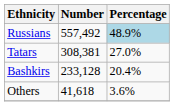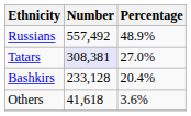 <table class="wikitable">
 <tr>
 <th>Ethnicity</th>
 <th>Number</th>
 <th>Percentage</th>
 </tr>
 <tr>
 <td><a href='#'>Russians</a></td>
 <td>557,492</td>
-<td style="background: lightblue;">48.9%</td>
+<td>48.9%</td>
 </tr>
 <tr>
 <td><a href='#'>Tatars</a></td>
-<td>308,381</td>
+<td style="background: lavender;">308,381</td>
 <td>27.0%</td>
 </tr>
 <tr>
 <td><a href='#'>Bashkirs</a></td>
 <td>233,128</td>
 <td>20.4%</td>
 </tr>
 <tr>
 <td>Others</td>
 <td>41,618</td>
 <td>3.6%</td>
 </tr>
 <tr>
 </tr>
 </table>
